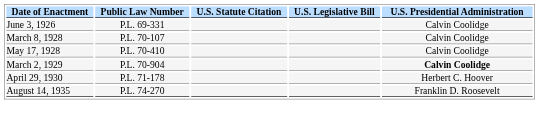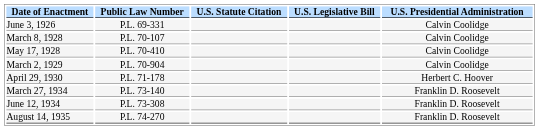 <table style="border:1px solid gray; align:left; width:70%" cellspacing=3 cellpadding=0>
 <tr style="font-weight:bold; text-align:center; background:#bbddff; color:black;">
 <th style=" border-bottom:1.5px solid black">Date of Enactment</th>
 <th style=" border-bottom:1.5px solid black">Public Law Number</th>
 <th style=" border-bottom:1.5px solid black">U.S. Statute Citation</th>
 <th style=" border-bottom:1.5px solid black">U.S. Legislative Bill</th>
 <th style=" border-bottom:1.5px solid black">U.S. Presidential Administration</th>
 </tr>
 <tr>
 <td style="border-bottom:1px solid gray; background:#F5F5F5;">June 3, 1926</td>
 <td style="border-bottom:1px solid gray; background:#F5F5F5; text-align:center;">P.L. 69-331</td>
 <td style="border-bottom:1px solid gray; background:#F5F5F5; text-align:center;"></td>
 <td style="border-bottom:1px solid gray; background:#F5F5F5; text-align:center;"></td>
 <td style="border-bottom:1px solid gray; background:#F5F5F5; text-align:center;">Calvin Coolidge</td>
 </tr>
 <tr>
 <td style="border-bottom:1px solid gray; background:#F5F5F5;">March 8, 1928</td>
 <td style="border-bottom:1px solid gray; background:#F5F5F5; text-align:center;">P.L. 70-107</td>
 <td style="border-bottom:1px solid gray; background:#F5F5F5; text-align:center;"></td>
 <td style="border-bottom:1px solid gray; background:#F5F5F5; text-align:center;"></td>
 <td style="border-bottom:1px solid gray; background:#F5F5F5; text-align:center;">Calvin Coolidge</td>
 </tr>
 <tr>
 <td style="border-bottom:1px solid gray; background:#F5F5F5;">May 17, 1928</td>
 <td style="border-bottom:1px solid gray; background:#F5F5F5; text-align:center;">P.L. 70-410</td>
 <td style="border-bottom:1px solid gray; background:#F5F5F5; text-align:center;"></td>
 <td style="border-bottom:1px solid gray; background:#F5F5F5; text-align:center;"></td>
 <td style="border-bottom:1px solid gray; background:#F5F5F5; text-align:center;">Calvin Coolidge</td>
 </tr>
 <tr>
 <td style="border-bottom:1px solid gray; background:#F5F5F5;">March 2, 1929</td>
 <td style="border-bottom:1px solid gray; background:#F5F5F5; text-align:center;">P.L. 70-904</td>
 <td style="border-bottom:1px solid gray; background:#F5F5F5; text-align:center;"></td>
 <td style="border-bottom:1px solid gray; background:#F5F5F5; text-align:center;"></td>
-<td style="border-bottom:1px solid gray; background:#F5F5F5; text-align:center;"><strong>Calvin Coolidge</strong></td>
+<td style="border-bottom:1px solid gray; background:#F5F5F5; text-align:center;">Calvin Coolidge</td>
 </tr>
 <tr>
 <td style="border-bottom:1px solid gray; background:#F5F5F5;">April 29, 1930</td>
 <td style="border-bottom:1px solid gray; background:#F5F5F5; text-align:center;">P.L. 71-178</td>
 <td style="border-bottom:1px solid gray; background:#F5F5F5; text-align:center;"></td>
 <td style="border-bottom:1px solid gray; background:#F5F5F5; text-align:center;"></td>
 <td style="border-bottom:1px solid gray; background:#F5F5F5; text-align:center;">Herbert C. Hoover</td>
 </tr>
 <tr>
+<td style="border-bottom:1px solid gray; background:#F5F5F5;">March 27, 1934</td>
+<td style="border-bottom:1px solid gray; background:#F5F5F5; text-align:center;">P.L. 73-140</td>
+<td style="border-bottom:1px solid gray; background:#F5F5F5; text-align:center;"></td>
+<td style="border-bottom:1px solid gray; background:#F5F5F5; text-align:center;"></td>
+<td style="border-bottom:1px solid gray; background:#F5F5F5; text-align:center;">Franklin D. Roosevelt</td>
+</tr>
+<tr>
+<td style="border-bottom:1px solid gray; background:#F5F5F5;">June 12, 1934</td>
+<td style="border-bottom:1px solid gray; background:#F5F5F5; text-align:center;">P.L. 73-308</td>
+<td style="border-bottom:1px solid gray; background:#F5F5F5; text-align:center;"></td>
+<td style="border-bottom:1px solid gray; background:#F5F5F5; text-align:center;"></td>
+<td style="border-bottom:1px solid gray; background:#F5F5F5; text-align:center;">Franklin D. Roosevelt</td>
+</tr>
+<tr>
 <td style="border-bottom:1.5px solid black; background:#F5F5F5;">August 14, 1935</td>
 <td style="border-bottom:1.5px solid black; background:#F5F5F5; text-align:center;">P.L. 74-270</td>
 <td style="border-bottom:1.5px solid black; background:#F5F5F5; text-align:center;"></td>
 <td style="border-bottom:1.5px solid black; background:#F5F5F5; text-align:center;"></td>
 <td style="border-bottom:1.5px solid black; background:#F5F5F5; text-align:center;">Franklin D. Roosevelt</td>
 </tr>
 </table>
